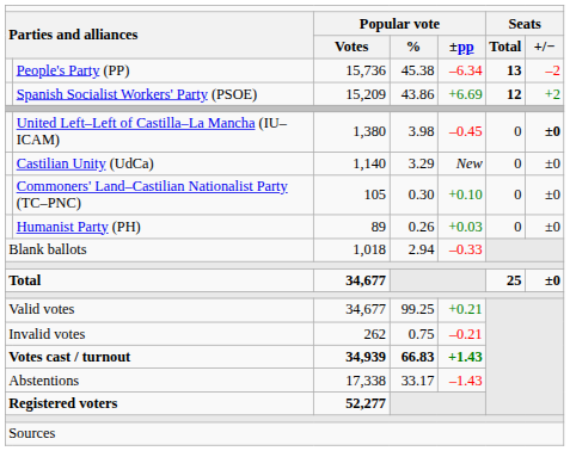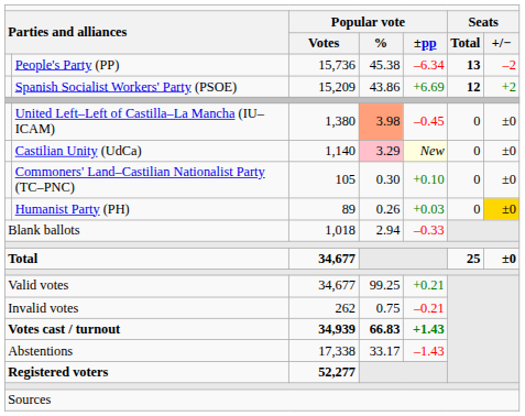 <table class="wikitable" style="text-align:right;">
 <tr>
 <td colspan="7"></td>
 </tr>
 <tr>
 <th style="text-align:left;" rowspan="2" colspan="2" width="525">Parties and alliances</th>
 <th colspan="3">Popular vote</th>
 <th colspan="2">Seats</th>
 </tr>
 <tr>
 <th width="75">Votes</th>
 <th width="45">%</th>
 <th width="45">±<a href='#'>pp</a></th>
 <th width="35">Total</th>
 <th width="35">+/−</th>
 </tr>
 <tr>
 <td width="1" style="color:inherit;background:"></td>
 <td align="left"><a href='#'>People's Party</a> (PP)</td>
 <td>15,736</td>
 <td>45.38</td>
 <td style="color:red;">–6.34</td>
 <td><strong>13</strong></td>
 <td style="color:red;">–2</td>
 </tr>
 <tr>
 <td style="color:inherit;background:"></td>
 <td align="left"><a href='#'>Spanish Socialist Workers' Party</a> (PSOE)</td>
 <td>15,209</td>
 <td>43.86</td>
 <td style="color:green;">+6.69</td>
 <td><strong>12</strong></td>
 <td style="color:green;">+2</td>
 </tr>
 <tr>
 <td colspan="7" bgcolor="#C0C0C0"></td>
 </tr>
 <tr>
 <td style="color:inherit;background:"></td>
 <td align="left"><a href='#'>United Left–Left of Castilla–La Mancha</a> (IU–ICAM)</td>
 <td>1,380</td>
-<td>3.98</td>
+<td style="background: lightsalmon;">3.98</td>
 <td style="color:red;">–0.45</td>
 <td>0</td>
-<td><strong>±0</strong></td>
+<td>±0</td>
 </tr>
 <tr>
 <td style="color:inherit;background:"></td>
 <td align="left"><a href='#'>Castilian Unity</a> (UdCa)</td>
 <td>1,140</td>
-<td>3.29</td>
-<td><em>New</em></td>
+<td style="background: pink;">3.29</td>
+<td style="background: lightyellow;"><em>New</em></td>
 <td>0</td>
 <td>±0</td>
 </tr>
 <tr>
 <td style="color:inherit;background:"></td>
 <td align="left"><a href='#'>Commoners' Land–Castilian Nationalist Party</a> (TC–PNC)</td>
 <td>105</td>
 <td>0.30</td>
 <td style="color:green;">+0.10</td>
 <td>0</td>
 <td>±0</td>
 </tr>
 <tr>
 <td style="color:inherit;background:"></td>
 <td align="left"><a href='#'>Humanist Party</a> (PH)</td>
 <td>89</td>
 <td>0.26</td>
 <td style="color:green;">+0.03</td>
 <td>0</td>
-<td>±0</td>
+<td style="background: gold;">±0</td>
 </tr>
 <tr>
 <td align="left" colspan="2">Blank ballots</td>
 <td>1,018</td>
 <td>2.94</td>
 <td style="color:red;">–0.33</td>
 <td bgcolor="#E9E9E9" colspan="2"></td>
 </tr>
 <tr>
 <td colspan="7" bgcolor="#E9E9E9"></td>
 </tr>
 <tr style="font-weight:bold;">
 <td align="left" colspan="2">Total</td>
 <td>34,677</td>
 <td bgcolor="#E9E9E9" colspan="2"></td>
 <td>25</td>
 <td>±0</td>
 </tr>
 <tr>
 <td colspan="7" bgcolor="#E9E9E9"></td>
 </tr>
 <tr>
 <td align="left" colspan="2">Valid votes</td>
 <td>34,677</td>
 <td>99.25</td>
 <td style="color:green;">+0.21</td>
 <td bgcolor="#E9E9E9" colspan="2" rowspan="5"></td>
 </tr>
 <tr>
 <td align="left" colspan="2">Invalid votes</td>
 <td>262</td>
 <td>0.75</td>
 <td style="color:red;">–0.21</td>
 </tr>
 <tr style="font-weight:bold;">
 <td align="left" colspan="2">Votes cast / turnout</td>
 <td>34,939</td>
 <td>66.83</td>
 <td style="color:green;">+1.43</td>
 </tr>
 <tr>
 <td align="left" colspan="2">Abstentions</td>
 <td>17,338</td>
 <td>33.17</td>
 <td style="color:red;">–1.43</td>
 </tr>
 <tr style="font-weight:bold;">
 <td align="left" colspan="2">Registered voters</td>
 <td>52,277</td>
 <td bgcolor="#E9E9E9" colspan="2"></td>
 </tr>
 <tr>
 <td colspan="7" bgcolor="#E9E9E9"></td>
 </tr>
 <tr>
 <td align="left" colspan="7">Sources</td>
 </tr>
 </table>
